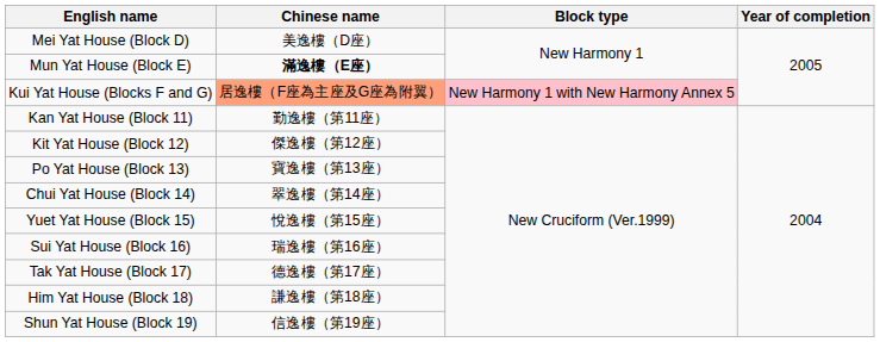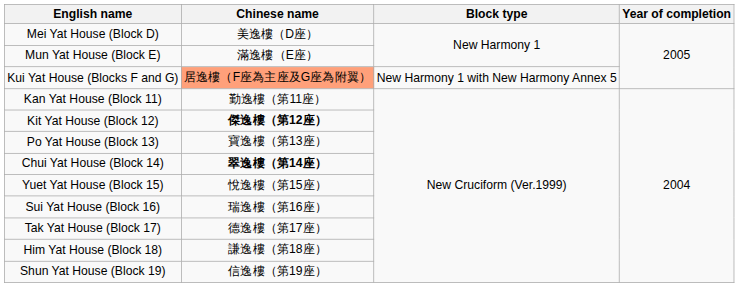 <table class="wikitable" style="text-align: center">
 <tr>
 <th>English name</th>
 <th>Chinese name</th>
 <th>Block type</th>
 <th>Year of completion</th>
 </tr>
 <tr>
 <td>Mei Yat House (Block D)</td>
 <td>美逸樓（D座）</td>
 <td rowspan="2">New Harmony 1</td>
 <td rowspan="3">2005</td>
 </tr>
 <tr>
 <td>Mun Yat House (Block E)</td>
-<td><strong>滿逸樓（E座）</strong></td>
+<td>滿逸樓（E座）</td>
 </tr>
 <tr>
 <td>Kui Yat House (Blocks F and G)</td>
 <td style="background: lightsalmon;">居逸樓（F座為主座及G座為附翼）</td>
-<td style="background: pink;">New Harmony 1 with New Harmony Annex 5</td>
+<td>New Harmony 1 with New Harmony Annex 5</td>
 </tr>
 <tr>
 <td>Kan Yat House (Block 11)</td>
 <td>勤逸樓（第11座）</td>
 <td rowspan="9">New Cruciform (Ver.1999)</td>
 <td rowspan="10">2004</td>
 </tr>
 <tr>
 <td>Kit Yat House (Block 12)</td>
-<td>傑逸樓（第12座）</td>
+<td><strong>傑逸樓（第12座）</strong></td>
 </tr>
 <tr>
 <td>Po Yat House (Block 13)</td>
 <td>寶逸樓（第13座）</td>
 </tr>
 <tr>
 <td>Chui Yat House (Block 14)</td>
-<td>翠逸樓（第14座）</td>
+<td><strong>翠逸樓（第14座）</strong></td>
 </tr>
 <tr>
 <td>Yuet Yat House (Block 15)</td>
 <td>悅逸樓（第15座）</td>
 </tr>
 <tr>
 <td>Sui Yat House (Block 16)</td>
 <td>瑞逸樓（第16座）</td>
 </tr>
 <tr>
 <td>Tak Yat House (Block 17)</td>
 <td>德逸樓（第17座）</td>
 </tr>
 <tr>
 <td>Him Yat House (Block 18)</td>
 <td>謙逸樓（第18座）</td>
 </tr>
 <tr>
 <td>Shun Yat House (Block 19)</td>
 <td>信逸樓（第19座）</td>
 </tr>
 </table>
